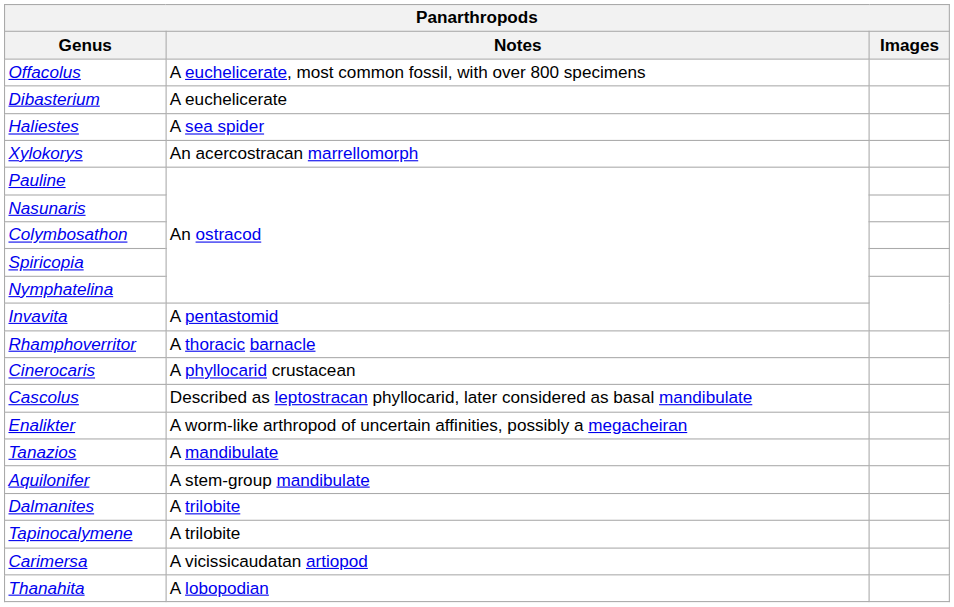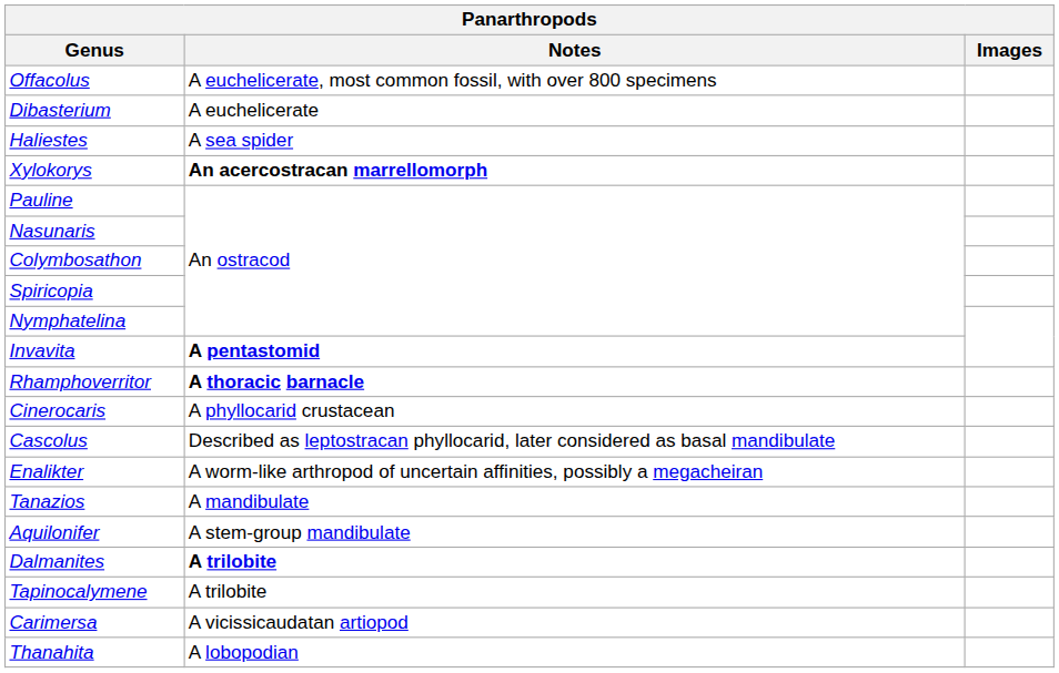 <table class="wikitable sortable" style="background:white; width:100%;">
 <tr>
 <th colspan="4" align="center">Panarthropods</th>
 </tr>
 <tr>
 <th>Genus</th>
 <th>Notes</th>
 <th>Images</th>
 </tr>
 <tr>
 <td><em><a href='#'>Offacolus</a></em></td>
 <td>A <a href='#'>euchelicerate</a>, most common fossil, with over 800 specimens</td>
 <td></td>
 </tr>
 <tr>
 <td><em><a href='#'>Dibasterium</a></em></td>
 <td>A euchelicerate</td>
 <td></td>
 </tr>
 <tr>
 <td><em><a href='#'>Haliestes</a></em></td>
 <td>A <a href='#'>sea spider</a></td>
 <td></td>
 </tr>
 <tr>
 <td><em><a href='#'>Xylokorys</a></em></td>
-<td>An acercostracan <a href='#'>marrellomorph</a></td>
+<td><strong>An acercostracan <a href='#'>marrellomorph</a></strong></td>
 <td></td>
 </tr>
 <tr>
 <td><em><a href='#'>Pauline</a></em></td>
 <td rowspan="5">An <a href='#'>ostracod</a></td>
 <td></td>
 </tr>
 <tr>
 <td><em><a href='#'>Nasunaris</a></em></td>
 <td></td>
 </tr>
 <tr>
 <td><em><a href='#'>Colymbosathon</a></em></td>
 <td></td>
 </tr>
 <tr>
 <td><em><a href='#'>Spiricopia</a></em></td>
 <td></td>
 </tr>
 <tr>
 <td><em><a href='#'>Nymphatelina</a></em></td>
 <td rowspan="2"></td>
 </tr>
 <tr>
 <td><em><a href='#'>Invavita</a></em></td>
-<td>A <a href='#'>pentastomid</a></td>
+<td><strong>A <a href='#'>pentastomid</a></strong></td>
 </tr>
 <tr>
 <td><em><a href='#'>Rhamphoverritor</a></em></td>
-<td>A <a href='#'>thoracic</a> <a href='#'>barnacle</a></td>
+<td><strong>A <a href='#'>thoracic</a> <a href='#'>barnacle</a></strong></td>
 <td></td>
 </tr>
 <tr>
 <td><em><a href='#'>Cinerocaris</a></em></td>
 <td>A <a href='#'>phyllocarid</a> crustacean</td>
 <td></td>
 </tr>
 <tr>
 <td><em><a href='#'>Cascolus</a></em></td>
 <td>Described as <a href='#'>leptostracan</a> phyllocarid, later considered as basal <a href='#'>mandibulate</a></td>
 <td></td>
 </tr>
 <tr>
 <td><em><a href='#'>Enalikter</a></em></td>
 <td>A worm-like arthropod of uncertain affinities, possibly a <a href='#'>megacheiran</a></td>
 <td></td>
 </tr>
 <tr>
 <td><em><a href='#'>Tanazios</a></em></td>
 <td>A <a href='#'>mandibulate</a></td>
 <td></td>
 </tr>
 <tr>
 <td><em><a href='#'>Aquilonifer</a></em></td>
 <td>A stem-group <a href='#'>mandibulate</a></td>
 <td></td>
 </tr>
 <tr>
 <td><em><a href='#'>Dalmanites</a></em></td>
-<td>A <a href='#'>trilobite</a></td>
+<td><strong>A <a href='#'>trilobite</a></strong></td>
 <td></td>
 </tr>
 <tr>
 <td><em><a href='#'>Tapinocalymene</a></em></td>
 <td>A trilobite</td>
 <td></td>
 </tr>
 <tr>
 <td><em><a href='#'>Carimersa</a></em></td>
 <td>A vicissicaudatan <a href='#'>artiopod</a></td>
 <td></td>
 </tr>
 <tr>
 <td><em><a href='#'>Thanahita</a></em></td>
 <td>A <a href='#'>lobopodian</a></td>
 <td></td>
 </tr>
 </table>
